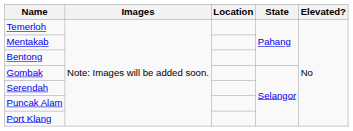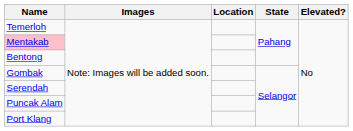 <table class="wikitable">
 <tr>
 <th>Name</th>
 <th>Images</th>
 <th>Location</th>
 <th>State</th>
 <th>Elevated?</th>
 </tr>
 <tr>
 <td><a href='#'>Temerloh</a></td>
 <td rowspan="7">Note: Images will be added soon.</td>
 <td></td>
 <td rowspan="3"><a href='#'>Pahang</a></td>
 <td rowspan="7">No</td>
 </tr>
 <tr>
-<td><a href='#'>Mentakab</a></td>
+<td style="background: pink;"><a href='#'>Mentakab</a></td>
 <td></td>
 </tr>
 <tr>
 <td><a href='#'>Bentong</a></td>
 <td></td>
 </tr>
 <tr>
 <td><a href='#'>Gombak</a></td>
 <td></td>
 <td rowspan="4"><a href='#'>Selangor</a></td>
 </tr>
 <tr>
 <td><a href='#'>Serendah</a></td>
 <td></td>
 </tr>
 <tr>
 <td><a href='#'>Puncak Alam</a></td>
 <td></td>
 </tr>
 <tr>
 <td><a href='#'>Port Klang</a></td>
 <td></td>
 </tr>
 </table>
